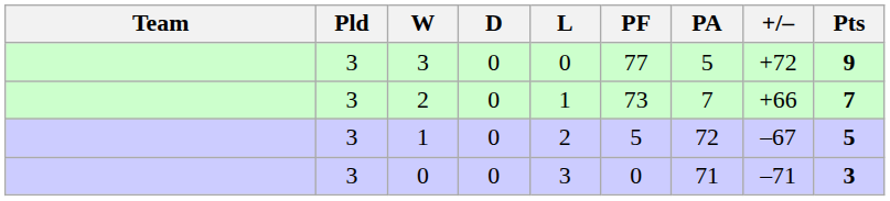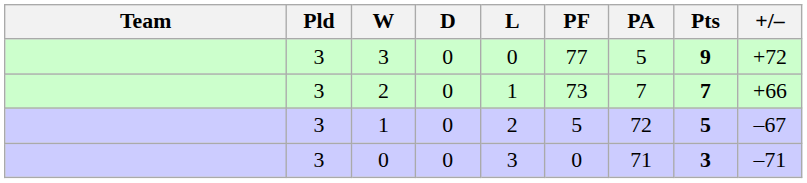 <table class="wikitable" style="text-align: center;">
 <tr>
 <th width="200">Team</th>
 <th width="40">Pld</th>
 <th width="40">W</th>
 <th width="40">D</th>
 <th width="40">L</th>
 <th width="40">PF</th>
 <th width="40">PA</th>
+<th width="40">Pts</th>
 <th width="40">+/–</th>
-<th width="40">Pts</th>
 </tr>
 <tr bgcolor=ccffcc>
 <td align=left></td>
 <td>3</td>
 <td>3</td>
 <td>0</td>
 <td>0</td>
 <td>77</td>
 <td>5</td>
+<td><strong>9</strong></td>
 <td>+72</td>
-<td><strong>9</strong></td>
 </tr>
 <tr bgcolor=ccffcc>
 <td align=left></td>
 <td>3</td>
 <td>2</td>
 <td>0</td>
 <td>1</td>
 <td>73</td>
 <td>7</td>
+<td><strong>7</strong></td>
 <td>+66</td>
-<td><strong>7</strong></td>
 </tr>
 <tr bgcolor=ccccff>
 <td align=left></td>
 <td>3</td>
 <td>1</td>
 <td>0</td>
 <td>2</td>
 <td>5</td>
 <td>72</td>
+<td><strong>5</strong></td>
 <td>–67</td>
-<td><strong>5</strong></td>
 </tr>
 <tr bgcolor=ccccff>
 <td align=left></td>
 <td>3</td>
 <td>0</td>
 <td>0</td>
 <td>3</td>
 <td>0</td>
 <td>71</td>
+<td><strong>3</strong></td>
 <td>–71</td>
-<td><strong>3</strong></td>
 </tr>
 </table>
